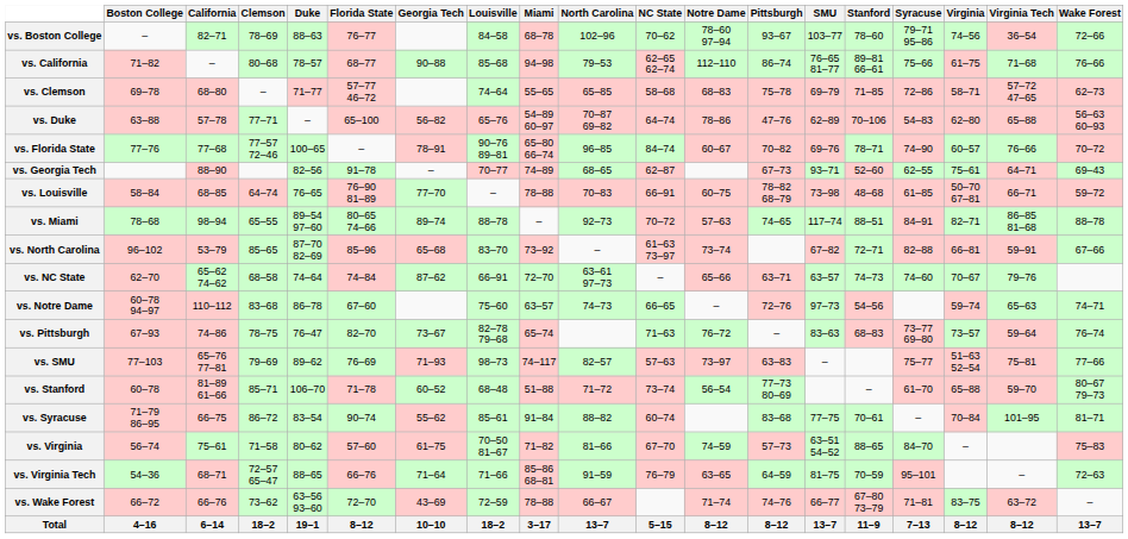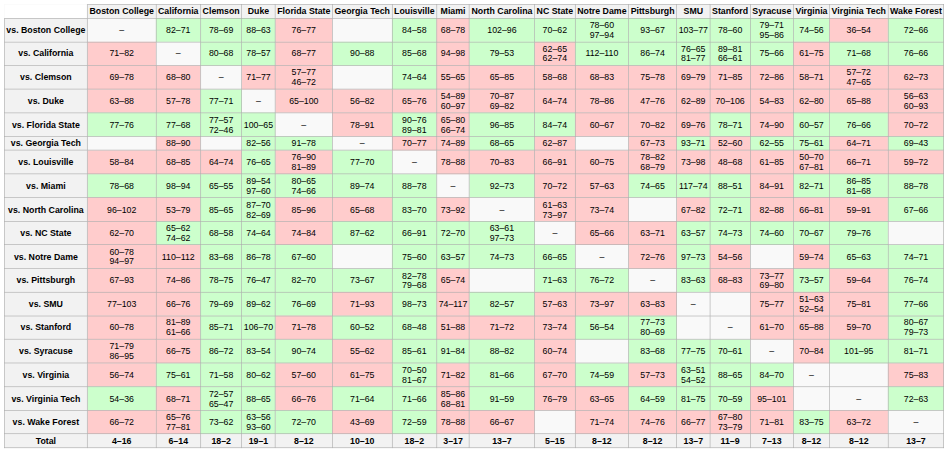 <table class="wikitable" style="white-space:nowrap;font-size:90%;">
 <tr>
 <th colspan=1 style="background:white; border-top-style:hidden; border-left-style:hidden;"   width=75> </th>
 <th>Boston College</th>
 <th>California</th>
 <th>Clemson</th>
 <th>Duke</th>
 <th>Florida State</th>
 <th>Georgia Tech</th>
 <th>Louisville</th>
 <th>Miami</th>
 <th>North Carolina</th>
 <th>NC State</th>
 <th>Notre Dame</th>
 <th>Pittsburgh</th>
 <th>SMU</th>
 <th>Stanford</th>
 <th>Syracuse</th>
 <th>Virginia</th>
 <th>Virginia Tech</th>
 <th>Wake Forest</th>
 </tr>
 <tr style="text-align:center;">
 <th>vs. Boston College</th>
 <td>–</td>
 <td bgcolor=#cfc>82–71</td>
 <td bgcolor=#cfc>78–69</td>
 <td bgcolor=#cfc>88–63</td>
 <td bgcolor=#fcc>76–77</td>
 <td></td>
 <td bgcolor=#cfc>84–58</td>
 <td bgcolor=#fcc>68–78</td>
 <td bgcolor=#cfc>102–96</td>
 <td bgcolor=#cfc>70–62</td>
 <td bgcolor=#cfc>78–60<br>97–94</td>
 <td bgcolor=#cfc>93–67</td>
 <td bgcolor=#cfc>103–77</td>
 <td bgcolor=#cfc>78–60</td>
 <td bgcolor=#cfc>79–71<br>95–86</td>
 <td bgcolor=#cfc>74–56</td>
 <td bgcolor=#fcc>36–54</td>
 <td bgcolor=#cfc>72–66</td>
 </tr>
 <tr style="text-align:center;">
 <th>vs. California</th>
 <td bgcolor=#fcc>71–82</td>
 <td>–</td>
 <td bgcolor=#cfc>80–68</td>
 <td bgcolor=#cfc>78–57</td>
 <td bgcolor=#fcc>68–77</td>
 <td bgcolor=#cfc>90–88</td>
 <td bgcolor=#cfc>85–68</td>
 <td bgcolor=#fcc>94–98</td>
 <td bgcolor=#cfc>79–53</td>
 <td bgcolor=#fcc>62–65<br>62–74</td>
 <td bgcolor=#cfc>112–110</td>
 <td bgcolor=#cfc>86–74</td>
 <td bgcolor=#cfc>76–65<br>81–77</td>
 <td bgcolor=#cfc>89–81<br>66–61</td>
 <td bgcolor=#cfc>75–66</td>
 <td bgcolor=#fcc>61–75</td>
 <td bgcolor=#cfc>71–68</td>
 <td bgcolor=#cfc>76–66</td>
 </tr>
 <tr style="text-align:center;">
 <th>vs. Clemson</th>
 <td bgcolor=#fcc>69–78</td>
 <td bgcolor=#fcc>68–80</td>
 <td>–</td>
 <td bgcolor=#fcc>71–77</td>
 <td bgcolor=#fcc>57–77<br>46–72</td>
 <td></td>
 <td bgcolor=#cfc>74–64</td>
 <td bgcolor=#fcc>55–65</td>
 <td bgcolor=#fcc>65–85</td>
 <td bgcolor=#fcc>58–68</td>
 <td bgcolor=#fcc>68–83</td>
 <td bgcolor=#fcc>75–78</td>
 <td bgcolor=#fcc>69–79</td>
 <td bgcolor=#fcc>71–85</td>
 <td bgcolor=#fcc>72–86</td>
 <td bgcolor=#fcc>58–71</td>
 <td bgcolor=#fcc>57–72<br>47–65</td>
 <td bgcolor=#fcc>62–73</td>
 </tr>
 <tr style="text-align:center;">
 <th>vs. Duke</th>
 <td bgcolor=#fcc>63–88</td>
 <td bgcolor=#fcc>57–78</td>
 <td bgcolor=#cfc>77–71</td>
 <td>–</td>
 <td bgcolor=#fcc>65–100</td>
 <td bgcolor=#fcc>56–82</td>
 <td bgcolor=#fcc>65–76</td>
 <td bgcolor=#fcc>54–89<br>60–97</td>
 <td bgcolor=#fcc>70–87<br>69–82</td>
 <td bgcolor=#fcc>64–74</td>
 <td bgcolor=#fcc>78–86</td>
 <td bgcolor=#fcc>47–76</td>
 <td bgcolor=#fcc>62–89</td>
 <td bgcolor=#fcc>70–106</td>
 <td bgcolor=#fcc>54–83</td>
 <td bgcolor=#fcc>62–80</td>
 <td bgcolor=#fcc>65–88</td>
 <td bgcolor=#fcc>56–63<br>60–93</td>
 </tr>
 <tr style="text-align:center;">
 <th>vs. Florida State</th>
 <td bgcolor=#cfc>77–76</td>
 <td bgcolor=#cfc>77–68</td>
 <td bgcolor=#cfc>77–57<br>72–46</td>
 <td bgcolor=#cfc>100–65</td>
 <td>–</td>
 <td bgcolor=#fcc>78–91</td>
 <td bgcolor=#cfc>90–76<br>89–81</td>
 <td bgcolor=#fcc>65–80<br>66–74</td>
 <td bgcolor=#cfc>96–85</td>
 <td bgcolor=#cfc>84–74</td>
 <td bgcolor=#fcc>60–67</td>
 <td bgcolor=#fcc>70–82</td>
 <td bgcolor=#fcc>69–76</td>
 <td bgcolor=#cfc>78–71</td>
 <td bgcolor=#fcc>74–90</td>
 <td bgcolor=#cfc>60–57</td>
 <td bgcolor=#cfc>76–66</td>
 <td bgcolor=#fcc>70–72</td>
 </tr>
 <tr style="text-align:center;">
 <th>vs. Georgia Tech</th>
 <td></td>
 <td bgcolor=#fcc>88–90</td>
 <td></td>
 <td bgcolor=#cfc>82–56</td>
 <td bgcolor=#cfc>91–78</td>
 <td>–</td>
 <td bgcolor=#fcc>70–77</td>
 <td bgcolor=#fcc>74–89</td>
 <td bgcolor=#cfc>68–65</td>
 <td bgcolor=#fcc>62–87</td>
 <td></td>
 <td bgcolor=#fcc>67–73</td>
 <td bgcolor=#cfc>93–71</td>
 <td bgcolor=#fcc>52–60</td>
 <td bgcolor=#cfc>62–55</td>
 <td bgcolor=#cfc>75–61</td>
 <td bgcolor=#fcc>64–71</td>
 <td bgcolor=#cfc>69–43</td>
 </tr>
 <tr style="text-align:center;">
 <th>vs. Louisville</th>
 <td bgcolor=#fcc>58–84</td>
 <td bgcolor=#fcc>68–85</td>
 <td bgcolor=#fcc>64–74</td>
 <td bgcolor=#cfc>76–65</td>
 <td bgcolor=#fcc>76–90<br>81–89</td>
 <td bgcolor=#cfc>77–70</td>
 <td>–</td>
 <td bgcolor=#fcc>78–88</td>
 <td bgcolor=#fcc>70–83</td>
 <td bgcolor=#fcc>66–91</td>
 <td bgcolor=#fcc>60–75</td>
 <td bgcolor=#fcc>78–82<br>68–79</td>
 <td bgcolor=#fcc>73–98</td>
 <td bgcolor=#fcc>48–68</td>
 <td bgcolor=#fcc>61–85</td>
 <td bgcolor=#fcc>50–70<br>67–81</td>
 <td bgcolor=#fcc>66–71</td>
 <td bgcolor=#fcc>59–72</td>
 </tr>
 <tr style="text-align:center;">
 <th>vs. Miami</th>
 <td bgcolor=#cfc>78–68</td>
 <td bgcolor=#cfc>98–94</td>
 <td bgcolor=#cfc>65–55</td>
 <td bgcolor=#cfc>89–54<br>97–60</td>
 <td bgcolor=#cfc>80–65<br>74–66</td>
 <td bgcolor=#cfc>89–74</td>
 <td bgcolor=#cfc>88–78</td>
 <td>–</td>
 <td bgcolor=#cfc>92–73</td>
 <td bgcolor=#fcc>70–72</td>
 <td bgcolor=#fcc>57–63</td>
 <td bgcolor=#cfc>74–65</td>
 <td bgcolor=#cfc>117–74</td>
 <td bgcolor=#cfc>88–51</td>
 <td bgcolor=#fcc>84–91</td>
 <td bgcolor=#cfc>82–71</td>
 <td bgcolor=#cfc>86–85<br>81–68</td>
 <td bgcolor=#cfc>88–78</td>
 </tr>
 <tr style="text-align:center;">
 <th>vs. North Carolina</th>
 <td bgcolor=#fcc>96–102</td>
 <td bgcolor=#fcc>53–79</td>
 <td bgcolor=#cfc>85–65</td>
 <td bgcolor=#cfc>87–70<br>82–69</td>
 <td bgcolor=#fcc>85–96</td>
 <td bgcolor=#fcc>65–68</td>
 <td bgcolor=#cfc>83–70</td>
 <td bgcolor=#fcc>73–92</td>
 <td>–</td>
 <td bgcolor=#fcc>61–63<br>73–97</td>
 <td bgcolor=#fcc>73–74</td>
 <td></td>
 <td bgcolor=#fcc>67–82</td>
 <td bgcolor=#cfc>72–71</td>
 <td bgcolor=#fcc>82–88</td>
 <td bgcolor=#fcc>66–81</td>
 <td bgcolor=#fcc>59–91</td>
 <td bgcolor=#cfc>67–66</td>
 </tr>
 <tr style="text-align:center;">
 <th>vs. NC State</th>
 <td bgcolor=#fcc>62–70</td>
 <td bgcolor=#cfc>65–62<br>74–62</td>
 <td bgcolor=#cfc>68–58</td>
 <td bgcolor=#cfc>74–64</td>
 <td bgcolor=#fcc>74–84</td>
 <td bgcolor=#cfc>87–62</td>
 <td bgcolor=#cfc>66–91</td>
 <td bgcolor=#cfc>72–70</td>
 <td bgcolor=#cfc>63–61<br>97–73</td>
 <td>–</td>
 <td bgcolor=#fcc>65–66</td>
 <td bgcolor=#fcc>63–71</td>
 <td bgcolor=#cfc>63–57</td>
 <td bgcolor=#cfc>74–73</td>
 <td bgcolor=#cfc>74–60</td>
 <td bgcolor=#cfc>70–67</td>
 <td bgcolor=#cfc>79–76</td>
 <td></td>
 </tr>
 <tr style="text-align:center;">
 <th>vs. Notre Dame</th>
 <td bgcolor=#fcc>60–78<br>94–97</td>
 <td bgcolor=#fcc>110–112</td>
 <td bgcolor=#cfc>83–68</td>
 <td bgcolor=#cfc>86–78</td>
 <td bgcolor=#cfc>67–60</td>
 <td></td>
 <td bgcolor=#cfc>75–60</td>
 <td bgcolor=#cfc>63–57</td>
 <td bgcolor=#cfc>74–73</td>
 <td bgcolor=#cfc>66–65</td>
 <td>–</td>
 <td bgcolor=#fcc>72–76</td>
 <td bgcolor=#cfc>97–73</td>
 <td bgcolor=#fcc>54–56</td>
 <td></td>
 <td bgcolor=#fcc>59–74</td>
 <td bgcolor=#cfc>65–63</td>
 <td bgcolor=#cfc>74–71</td>
 </tr>
 <tr style="text-align:center;">
 <th>vs. Pittsburgh</th>
 <td bgcolor=#fcc>67–93</td>
 <td bgcolor=#fcc>74–86</td>
 <td bgcolor=#cfc>78–75</td>
 <td bgcolor=#cfc>76–47</td>
 <td bgcolor=#cfc>82–70</td>
 <td bgcolor=#cfc>73–67</td>
 <td bgcolor=#cfc>82–78<br>79–68</td>
 <td bgcolor=#fcc>65–74</td>
 <td></td>
 <td bgcolor=#cfc>71–63</td>
 <td bgcolor=#cfc>76–72</td>
 <td>–</td>
 <td bgcolor=#cfc>83–63</td>
 <td bgcolor=#fcc>68–83</td>
 <td bgcolor=#fcc>73–77<br>69–80</td>
 <td bgcolor=#cfc>73–57</td>
 <td bgcolor=#fcc>59–64</td>
 <td bgcolor=#cfc>76–74</td>
 </tr>
 <tr style="text-align:center;">
 <th>vs. SMU</th>
 <td bgcolor=#fcc>77–103</td>
-<td bgcolor=#fcc>65–76<br>77–81</td>
+<td bgcolor=#fcc>66–76</td>
 <td bgcolor=#cfc>79–69</td>
 <td bgcolor=#cfc>89–62</td>
 <td bgcolor=#cfc>76–69</td>
 <td bgcolor=#fcc>71–93</td>
 <td bgcolor=#cfc>98–73</td>
 <td bgcolor=#fcc>74–117</td>
 <td bgcolor=#cfc>82–57</td>
 <td bgcolor=#fcc>57–63</td>
 <td bgcolor=#fcc>73–97</td>
 <td bgcolor=#fcc>63–83</td>
 <td>–</td>
 <td></td>
 <td bgcolor=#fcc>75–77</td>
 <td bgcolor=#fcc>51–63<br>52–54</td>
 <td bgcolor=#fcc>75–81</td>
 <td bgcolor=#cfc>77–66</td>
 </tr>
 <tr style="text-align:center;">
 <th>vs. Stanford</th>
 <td bgcolor=#fcc>60–78</td>
 <td bgcolor=#fcc>81–89<br>61–66</td>
 <td bgcolor=#cfc>85–71</td>
 <td bgcolor=#cfc>106–70</td>
 <td bgcolor=#fcc>71–78</td>
 <td bgcolor=#cfc>60–52</td>
 <td bgcolor=#cfc>68–48</td>
 <td bgcolor=#fcc>51–88</td>
 <td bgcolor=#fcc>71–72</td>
 <td bgcolor=#fcc>73–74</td>
 <td bgcolor=#cfc>56–54</td>
 <td bgcolor=#cfc>77–73<br>80–69</td>
 <td></td>
 <td>–</td>
 <td bgcolor=#fcc>61–70</td>
 <td bgcolor=#fcc>65–88</td>
 <td bgcolor=#fcc>59–70</td>
 <td bgcolor=#cfc>80–67<br>79–73</td>
 </tr>
 <tr style="text-align:center;">
 <th>vs. Syracuse</th>
 <td bgcolor=#fcc>71–79<br>86–95</td>
 <td bgcolor=#fcc>66–75</td>
 <td bgcolor=#cfc>86–72</td>
 <td bgcolor=#cfc>83–54</td>
 <td bgcolor=#cfc>90–74</td>
 <td bgcolor=#fcc>55–62</td>
 <td bgcolor=#cfc>85–61</td>
 <td bgcolor=#cfc>91–84</td>
 <td bgcolor=#cfc>88–82</td>
 <td bgcolor=#fcc>60–74</td>
 <td></td>
 <td bgcolor=#cfc>83–68</td>
 <td bgcolor=#cfc>77–75</td>
 <td bgcolor=#cfc>70–61</td>
 <td>–</td>
 <td bgcolor=#fcc>70–84</td>
 <td bgcolor=#cfc>101–95</td>
 <td bgcolor=#cfc>81–71</td>
 </tr>
 <tr style="text-align:center;">
 <th>vs. Virginia</th>
 <td bgcolor=#fcc>56–74</td>
 <td bgcolor=#cfc>75–61</td>
 <td bgcolor=#cfc>71–58</td>
 <td bgcolor=#cfc>80–62</td>
 <td bgcolor=#fcc>57–60</td>
 <td bgcolor=#fcc>61–75</td>
 <td bgcolor=#cfc>70–50<br>81–67</td>
 <td bgcolor=#fcc>71–82</td>
 <td bgcolor=#cfc>81–66</td>
 <td bgcolor=#fcc>67–70</td>
 <td bgcolor=#cfc>74–59</td>
 <td bgcolor=#fcc>57–73</td>
 <td bgcolor=#cfc>63–51<br>54–52</td>
 <td bgcolor=#cfc>88–65</td>
 <td bgcolor=#cfc>84–70</td>
 <td>–</td>
 <td></td>
 <td bgcolor=#fcc>75–83</td>
 </tr>
 <tr style="text-align:center;">
 <th>vs. Virginia Tech</th>
 <td bgcolor=#cfc>54–36</td>
 <td bgcolor=#fcc>68–71</td>
 <td bgcolor=#cfc>72–57<br>65–47</td>
 <td bgcolor=#cfc>88–65</td>
 <td bgcolor=#fcc>66–76</td>
 <td bgcolor=#cfc>71–64</td>
 <td bgcolor=#cfc>71–66</td>
 <td bgcolor=#fcc>85–86<br>68–81</td>
 <td bgcolor=#cfc>91–59</td>
 <td bgcolor=#fcc>76–79</td>
 <td bgcolor=#fcc>63–65</td>
 <td bgcolor=#cfc>64–59</td>
 <td bgcolor=#cfc>81–75</td>
 <td bgcolor=#cfc>70–59</td>
 <td bgcolor=#fcc>95–101</td>
 <td></td>
 <td>–</td>
 <td bgcolor=#cfc>72–63</td>
 </tr>
 <tr style="text-align:center;">
 <th>vs. Wake Forest</th>
 <td bgcolor=#fcc>66–72</td>
-<td bgcolor=#fcc>66–76</td>
+<td bgcolor=#fcc>65–76<br>77–81</td>
 <td bgcolor=#cfc>73–62</td>
 <td bgcolor=#cfc>63–56<br>93–60</td>
 <td bgcolor=#cfc>72–70</td>
 <td bgcolor=#fcc>43–69</td>
 <td bgcolor=#cfc>72–59</td>
 <td bgcolor=#fcc>78–88</td>
 <td bgcolor=#fcc>66–67</td>
 <td></td>
 <td bgcolor=#fcc>71–74</td>
 <td bgcolor=#fcc>74–76</td>
 <td bgcolor=#fcc>66–77</td>
 <td bgcolor=#fcc>67–80<br>73–79</td>
 <td bgcolor=#fcc>71–81</td>
 <td bgcolor=#cfc>83–75</td>
 <td bgcolor=#fcc>63–72</td>
 <td>–<br></td>
 </tr>
 <tr style="text-align:center;">
 <th>Total</th>
 <th>4–16</th>
 <th>6–14</th>
 <th>18–2</th>
 <th>19–1</th>
 <th>8–12</th>
 <th>10–10</th>
 <th>18–2</th>
 <th>3–17</th>
 <th>13–7</th>
 <th>5–15</th>
 <th>8–12</th>
 <th>8–12</th>
 <th>13–7</th>
 <th>11–9</th>
 <th>7–13</th>
 <th>8–12</th>
 <th>8–12</th>
 <th>13–7</th>
 </tr>
 </table>
